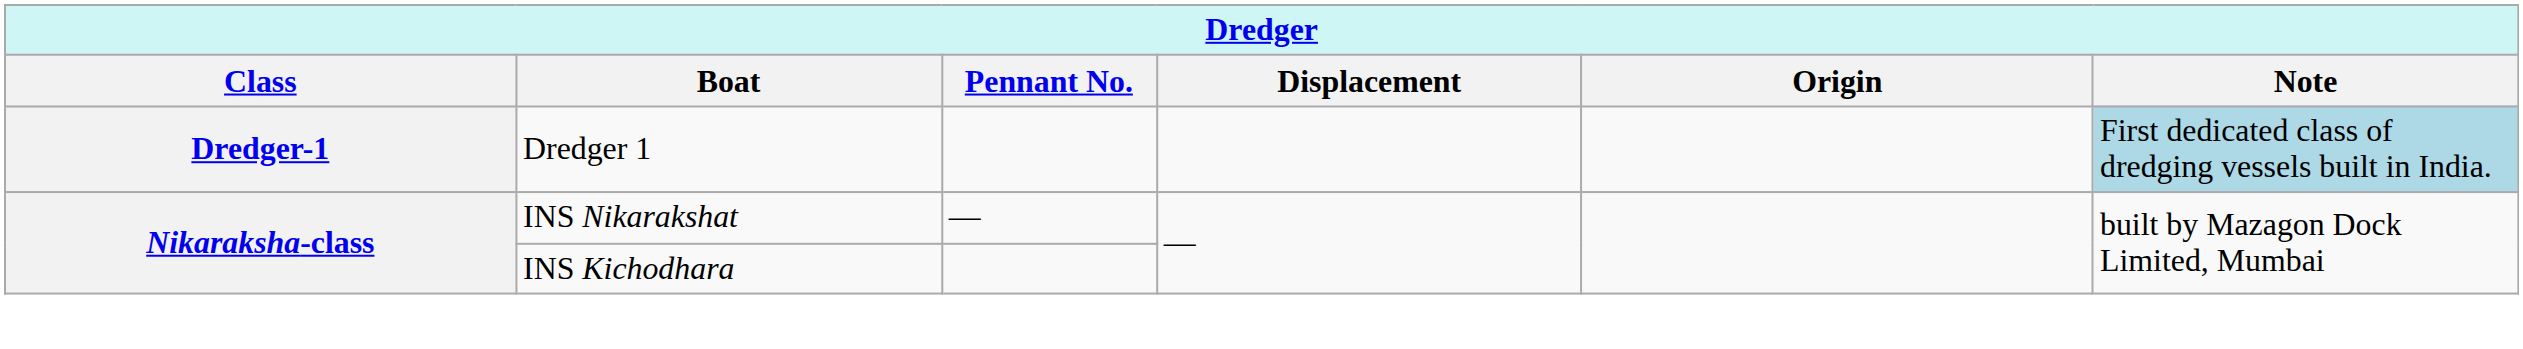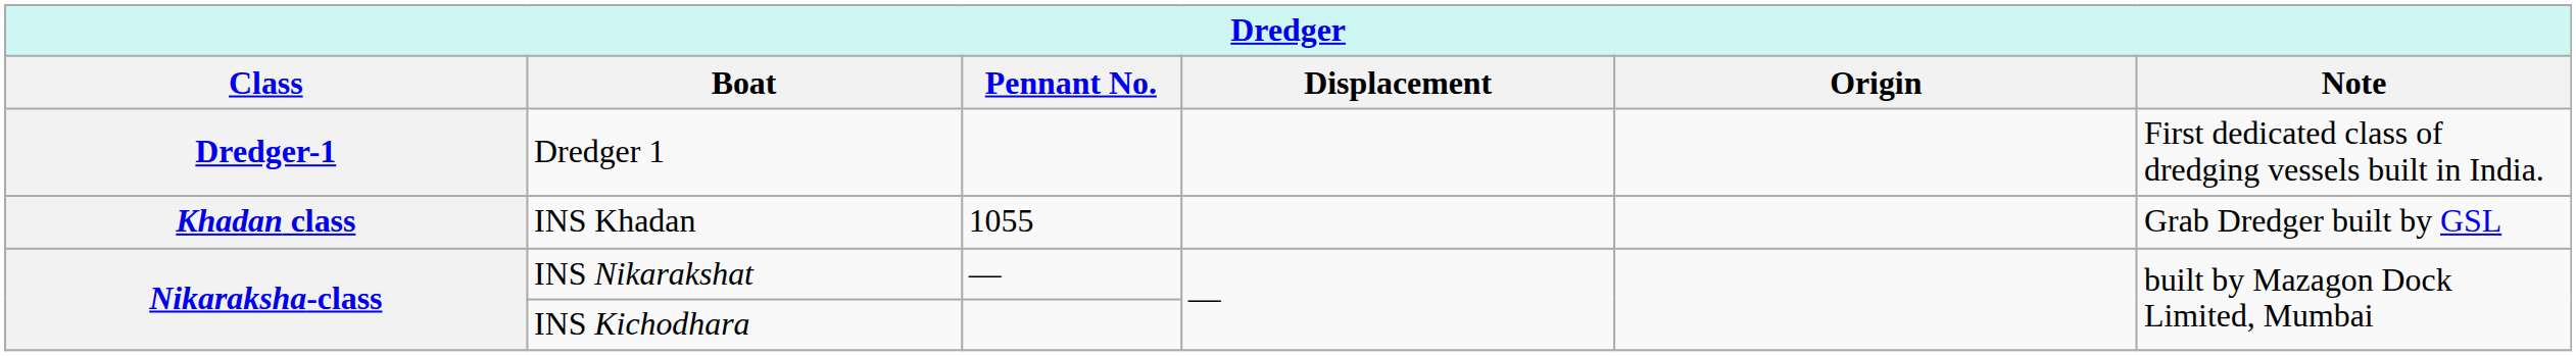 <table class="wikitable" style="margin:auto; width:100%;">
 <tr>
 <th colspan="6" style="align: center; background: #CEF6F5;"><a href='#'>Dredger</a></th>
 </tr>
 <tr>
 <th style="text-align:center; width:12%;"><a href='#'>Class</a></th>
 <th style="text-align:center; width:10%;">Boat</th>
 <th style="text-align:center; width:5%;"><a href='#'>Pennant No.</a></th>
 <th style="text-align:center; width:10%;">Displacement</th>
 <th style="text-align:center; width:12%;">Origin</th>
 <th style="text-align:center; width:10%;">Note</th>
 </tr>
 <tr>
 <th><a href='#'>Dredger-1</a></th>
 <td>Dredger 1</td>
 <td></td>
 <td></td>
 <td></td>
-<td style="background: lightblue;">First dedicated class of dredging vessels built in India.</td>
+<td>First dedicated class of dredging vessels built in India.</td>
+</tr>
+<tr>
+<th><a href='#'><em>Khadan</em> class</a></th>
+<td>INS Khadan</td>
+<td>1055</td>
+<td></td>
+<td></td>
+<td>Grab Dredger built by <a href='#'>GSL</a></td>
 </tr>
 <tr>
 <th rowspan="2"><a href='#'><em>Nikaraksha</em>-class</a></th>
 <td>INS <em>Nikarakshat</em></td>
 <td>—</td>
 <td rowspan="2">—</td>
 <td rowspan="2"></td>
 <td rowspan="2">built by Mazagon Dock Limited, Mumbai</td>
 </tr>
 <tr>
 <td>INS <em>Kichodhara</em></td>
 <td></td>
 </tr>
 </table>
